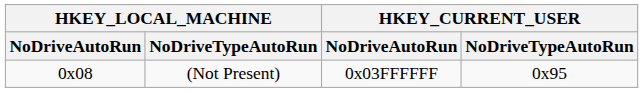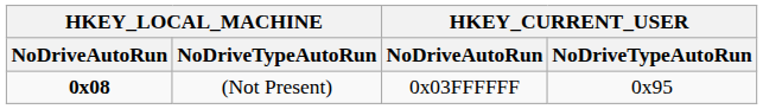 <table class="wikitable" style="margin:1.5em 1em 1.5em 2em; text-align:center">
 <tr>
 <th colspan="2">HKEY_LOCAL_MACHINE</th>
 <th colspan="2">HKEY_CURRENT_USER</th>
 </tr>
 <tr>
 <th>NoDriveAutoRun</th>
 <th>NoDriveTypeAutoRun</th>
 <th>NoDriveAutoRun</th>
 <th>NoDriveTypeAutoRun</th>
 </tr>
 <tr>
-<td>0x08</td>
+<td><strong>0x08</strong></td>
 <td>(Not Present)</td>
 <td>0x03FFFFFF</td>
 <td>0x95</td>
 </tr>
 </table>
